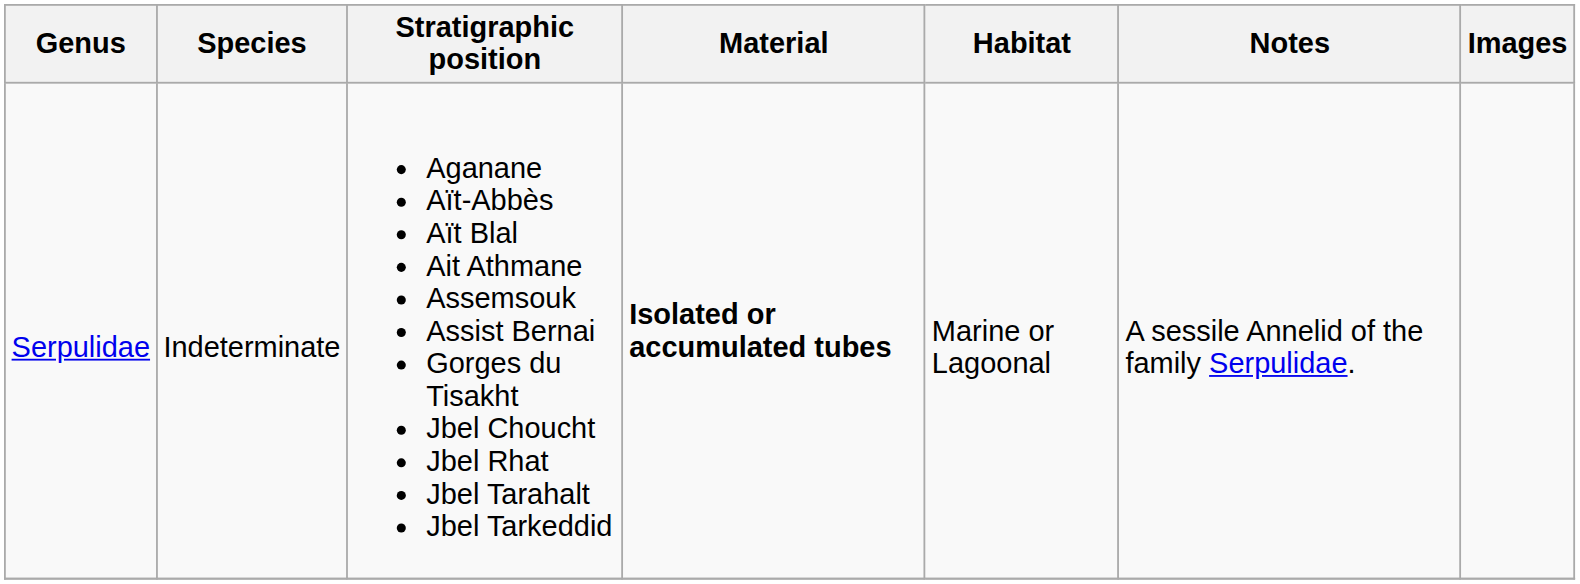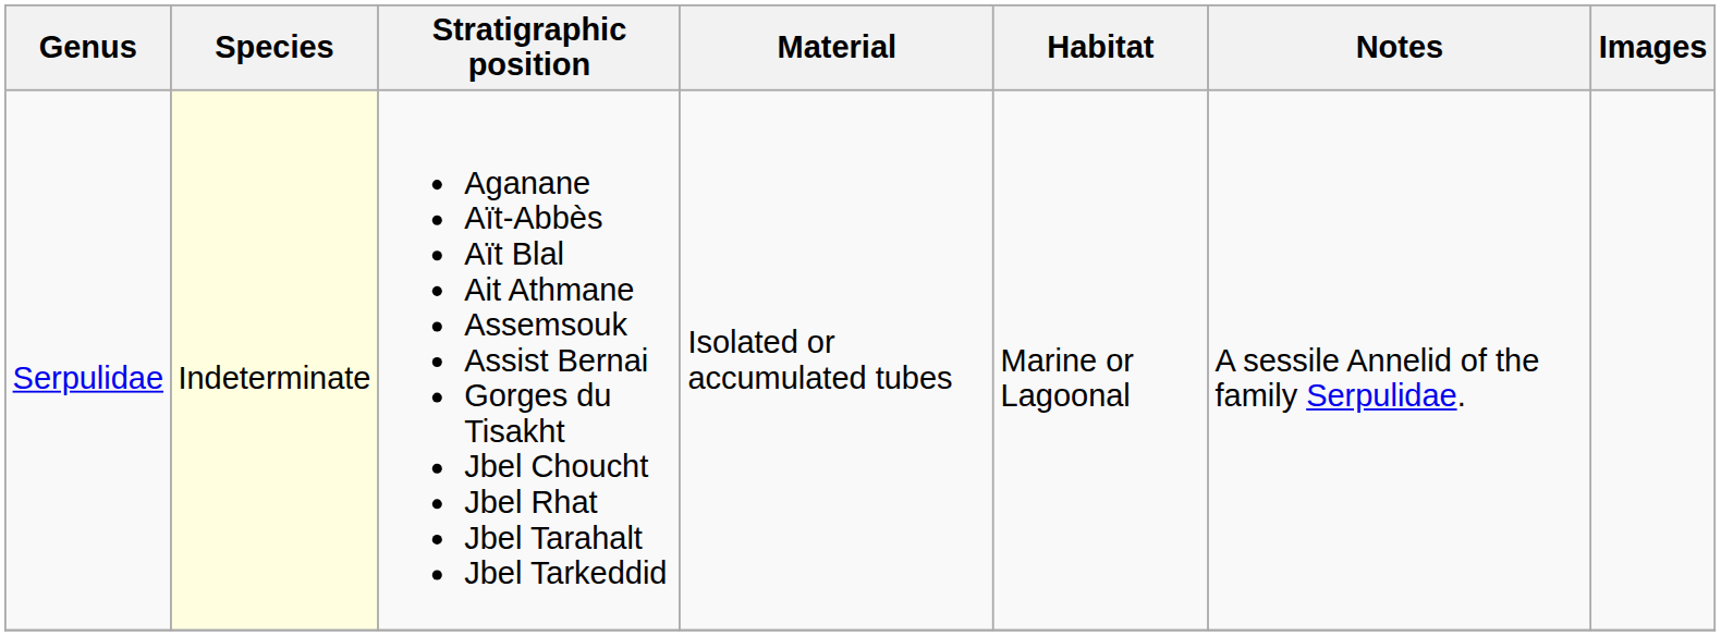 <table class="wikitable">
 <tr>
 <th>Genus</th>
 <th>Species</th>
 <th>Stratigraphic position</th>
 <th>Material</th>
 <th>Habitat</th>
 <th>Notes</th>
 <th>Images</th>
 </tr>
 <tr>
 <td><br><a href='#'>Serpulidae</a></td>
-<td><br>Indeterminate</td>
+<td style="background: lightyellow;"><br>Indeterminate</td>
 <td><br><ul><li>Aganane</li><li>Aït-Abbès</li><li>Aït Blal</li><li>Ait Athmane</li><li>Assemsouk</li><li>Assist Bernai</li><li>Gorges du Tisakht</li><li>Jbel Choucht</li><li>Jbel Rhat</li><li>Jbel Tarahalt</li><li>Jbel Tarkeddid</li></ul></td>
-<td><strong>Isolated or accumulated tubes</strong></td>
+<td>Isolated or accumulated tubes</td>
 <td><br>Marine or Lagoonal</td>
 <td><br>A sessile Annelid of the family <a href='#'>Serpulidae</a>.</td>
 <td><br></td>
 </tr>
 <tr>
 </tr>
 </table>
